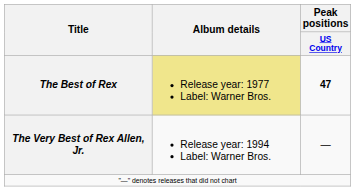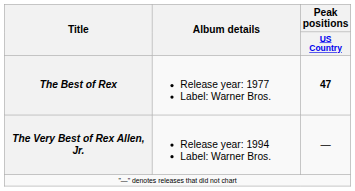 <table class="wikitable plainrowheaders" style="text-align:center;">
 <tr>
 <th rowspan="2" style="width:14em;">Title</th>
 <th rowspan="2" style="width:14em;">Album details</th>
 <th>Peak positions</th>
 </tr>
 <tr style="font-size:smaller;">
 <th width="60"><a href='#'>US Country</a><br></th>
 </tr>
 <tr>
 <th scope="row"><em>The Best of Rex</em></th>
-<td align="left" style="background: khaki;"><br><ul><li>Release year: 1977</li><li>Label: Warner Bros.</li></ul></td>
+<td align="left"><br><ul><li>Release year: 1977</li><li>Label: Warner Bros.</li></ul></td>
 <td><strong>47</strong></td>
 </tr>
 <tr>
 <th scope="row"><em>The Very Best of Rex Allen, Jr.</em></th>
 <td align="left"><br><ul><li>Release year: 1994</li><li>Label: Warner Bros.</li></ul></td>
 <td>—</td>
 </tr>
 <tr>
 <td colspan="4" style="font-size:8pt">"—" denotes releases that did not chart</td>
 </tr>
 </table>
